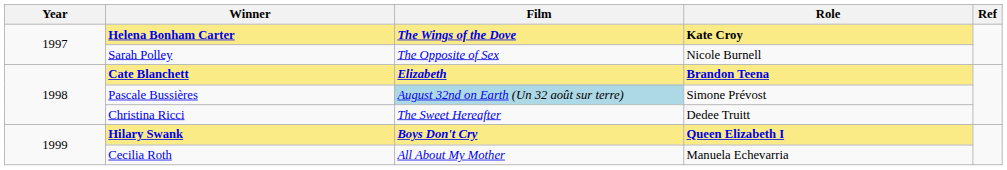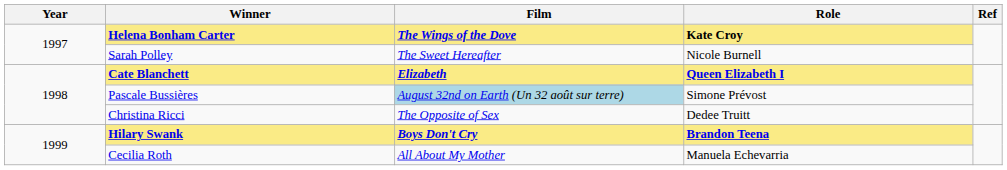 <table class="wikitable" width="100%" cellpadding="5">
 <tr>
 <th width="100"><strong>Year</strong></th>
 <th width="300"><strong>Winner</strong></th>
 <th width="300"><strong>Film</strong></th>
 <th width="300"><strong>Role</strong></th>
 <th width="15"><strong>Ref</strong></th>
 </tr>
 <tr>
 <td style="text-align:center;" rowspan=2>1997</td>
 <td style="background:#FAEB86;"><strong><a href='#'>Helena Bonham Carter</a></strong></td>
 <td style="background:#FAEB86;"><strong><em><a href='#'>The Wings of the Dove</a></em></strong></td>
 <td style="background:#FAEB86;"><strong>Kate Croy</strong></td>
 <td rowspan=2></td>
 </tr>
 <tr>
 <td><a href='#'>Sarah Polley</a></td>
-<td><em><a href='#'>The Opposite of Sex</a></em></td>
+<td><em><a href='#'>The Sweet Hereafter</a></em></td>
 <td>Nicole Burnell</td>
 </tr>
 <tr>
 <td style="text-align:center;" rowspan=3>1998</td>
 <td style="background:#FAEB86;"><strong><a href='#'>Cate Blanchett</a></strong></td>
 <td style="background:#FAEB86;"><strong><em><a href='#'>Elizabeth</a></em></strong></td>
-<td style="background:#FAEB86;"><strong><a href='#'>Brandon Teena</a></strong></td>
+<td style="background:#FAEB86;"><strong><a href='#'>Queen Elizabeth I</a></strong></td>
 <td rowspan=3></td>
 </tr>
 <tr>
 <td><a href='#'>Pascale Bussières</a></td>
 <td style="background: lightblue;"><em><a href='#'>August 32nd on Earth</a> (Un 32 août sur terre)</em></td>
 <td>Simone Prévost</td>
 </tr>
 <tr>
 <td><a href='#'>Christina Ricci</a></td>
-<td><em><a href='#'>The Sweet Hereafter</a></em></td>
+<td><em><a href='#'>The Opposite of Sex</a></em></td>
 <td>Dedee Truitt</td>
 </tr>
 <tr>
 <td style="text-align:center;" rowspan=2>1999</td>
 <td style="background:#FAEB86;"><strong><a href='#'>Hilary Swank</a></strong></td>
 <td style="background:#FAEB86;"><strong><em><a href='#'>Boys Don't Cry</a></em></strong></td>
-<td style="background:#FAEB86;"><strong><a href='#'>Queen Elizabeth I</a></strong></td>
+<td style="background:#FAEB86;"><strong><a href='#'>Brandon Teena</a></strong></td>
 <td rowspan=2></td>
 </tr>
 <tr>
 <td><a href='#'>Cecilia Roth</a></td>
 <td><em><a href='#'>All About My Mother</a></em></td>
 <td>Manuela Echevarria</td>
 </tr>
 </table>
